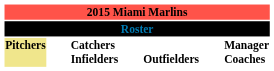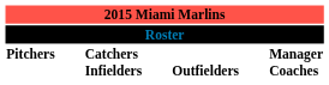 <table class="toccolours" style="font-size: 95%;">
 <tr>
 <th colspan="10" style="background:#FF5349; color:black; text-align:center;">2015 Miami Marlins</th>
 </tr>
 <tr>
 <td colspan="10" style="background:black; color:#007BB2;  text-align:center;"><strong>Roster</strong></td>
 </tr>
 <tr>
-<td valign="top" style="background: khaki;"><strong>Pitchers</strong><br>                           </td>
+<td valign="top"><strong>Pitchers</strong><br>                           </td>
 <td style="width:25px;"></td>
 <td valign="top"><strong>Catchers</strong><br>     <strong>Infielders</strong>           </td>
 <td style="width:25px;"></td>
 <td valign="top"><br><strong>Outfielders</strong>       </td>
 <td style="width:25px;"></td>
 <td valign="top"><strong>Manager</strong><br>  <strong>Coaches</strong>                      </td>
 </tr>
 </table>
